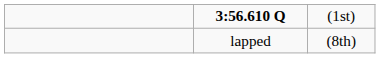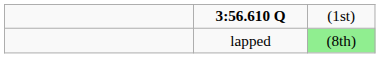 <table class="wikitable" style="text-align:center;">
 <tr>
 <td style="width:12em" align=left></td>
 <td style="width:7em;"><strong>3:56.610 Q</strong></td>
 <td style="width:4em;">(1st)</td>
 </tr>
 <tr>
 <td align=left></td>
 <td>lapped</td>
-<td>(8th)</td>
+<td style="background: lightgreen;">(8th)</td>
 </tr>
 </table>
